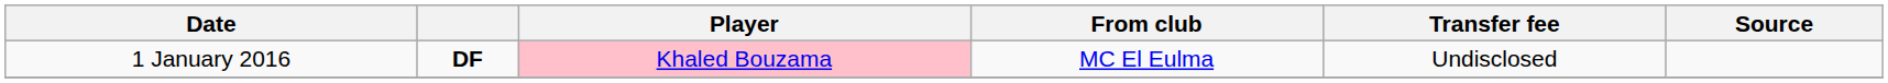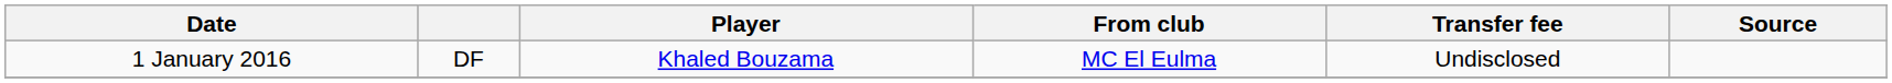 <table class="wikitable sortable" style="width:70%; text-align:center; font-size:85%; text-align:centre;">
 <tr>
 <th>Date</th>
 <th></th>
 <th>Player</th>
 <th>From club</th>
 <th>Transfer fee</th>
 <th>Source</th>
 </tr>
 <tr>
 <td>1 January 2016</td>
-<td><strong>DF</strong></td>
-<td style="background: pink;"> <a href='#'>Khaled Bouzama</a></td>
+<td>DF</td>
+<td> <a href='#'>Khaled Bouzama</a></td>
 <td><a href='#'>MC El Eulma</a></td>
 <td>Undisclosed</td>
 <td></td>
 </tr>
 <tr>
 </tr>
 </table>
